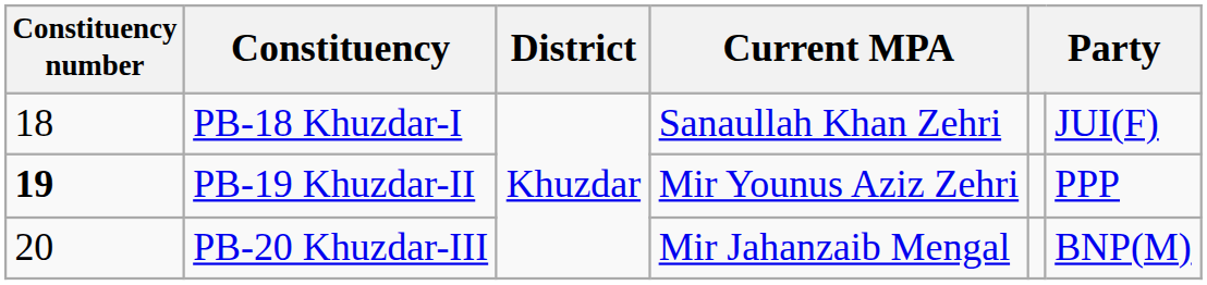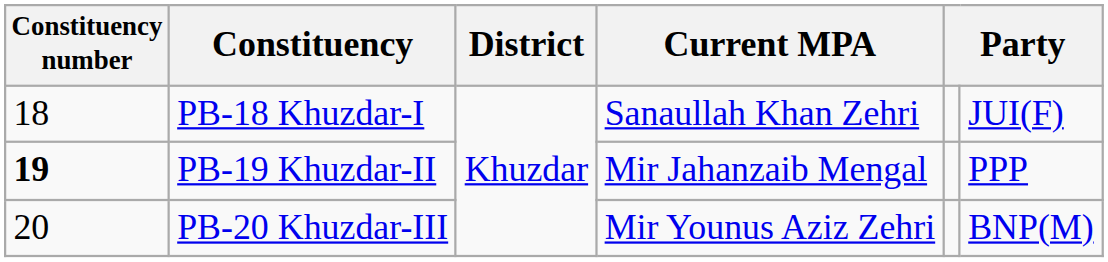 <table class="wikitable">
 <tr>
 <th width="50px" style="font-size:75%">Constituency number</th>
 <th>Constituency</th>
 <th>District</th>
 <th>Current MPA</th>
 <th colspan="2">Party</th>
 </tr>
 <tr>
 <td>18</td>
 <td><a href='#'>PB-18 Khuzdar-I</a></td>
 <td rowspan="3"><a href='#'>Khuzdar</a></td>
 <td><a href='#'>Sanaullah Khan Zehri</a></td>
 <td></td>
 <td><a href='#'>JUI(F)</a></td>
 </tr>
 <tr>
 <td><strong>19</strong></td>
 <td><a href='#'>PB-19 Khuzdar-II</a></td>
-<td><a href='#'>Mir Younus Aziz Zehri</a></td>
+<td><a href='#'>Mir Jahanzaib Mengal</a></td>
 <td></td>
 <td><a href='#'>PPP</a></td>
 </tr>
 <tr>
 <td>20</td>
 <td><a href='#'>PB-20 Khuzdar-III</a></td>
-<td><a href='#'>Mir Jahanzaib Mengal</a></td>
+<td><a href='#'>Mir Younus Aziz Zehri</a></td>
 <td></td>
 <td><a href='#'>BNP(M)</a></td>
 </tr>
 </table>
